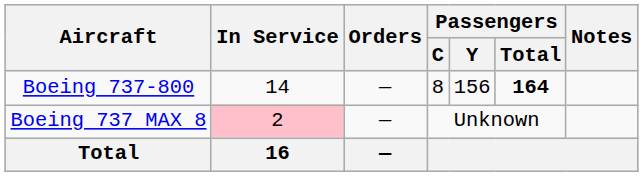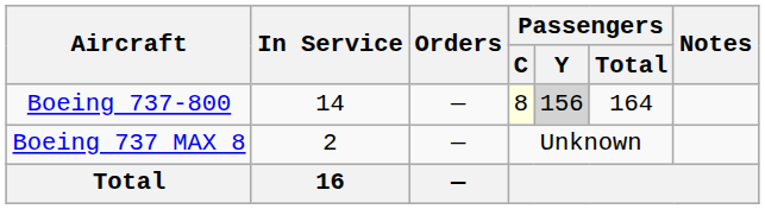 <table class="wikitable" style="border-collapse:collapse;text-align:center;margin:auto;">
 <tr>
 <th rowspan="2">Aircraft</th>
 <th rowspan="2">In Service</th>
 <th rowspan="2">Orders</th>
 <th colspan="3">Passengers</th>
 <th rowspan="2">Notes</th>
 </tr>
 <tr>
 <th><abbr>C</abbr></th>
 <th><abbr>Y</abbr></th>
 <th>Total</th>
 </tr>
 <tr>
 <td><a href='#'>Boeing 737-800</a></td>
 <td>14</td>
 <td>—</td>
-<td>8</td>
-<td>156</td>
-<td><strong>164</strong></td>
+<td style="background: lightyellow;">8</td>
+<td style="background: lightgrey;">156</td>
+<td>164</td>
 <td></td>
 </tr>
 <tr>
 <td><a href='#'>Boeing 737 MAX 8</a></td>
-<td style="background: pink;">2</td>
+<td>2</td>
 <td>—</td>
 <td colspan="3">Unknown</td>
 <td></td>
 </tr>
 <tr>
 <th>Total</th>
 <th>16</th>
 <th>—</th>
 <th colspan="4"></th>
 </tr>
 </table>
